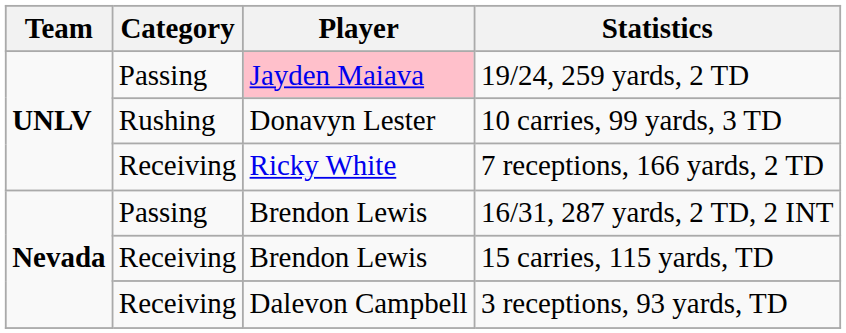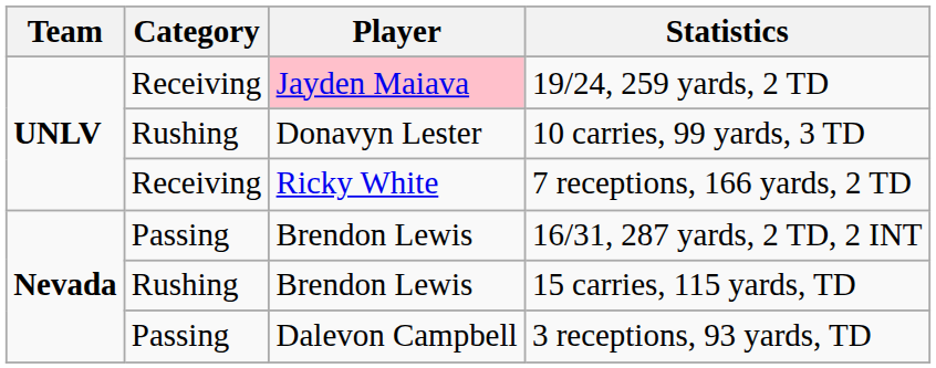 <table class="wikitable" style="float: right;">
 <tr>
 <th>Team</th>
 <th>Category</th>
 <th>Player</th>
 <th>Statistics</th>
 </tr>
 <tr>
 <td rowspan=3><strong>UNLV</strong></td>
-<td>Passing</td>
+<td>Receiving</td>
 <td style="background: pink;"><a href='#'>Jayden Maiava</a></td>
 <td>19/24, 259 yards, 2 TD</td>
 </tr>
 <tr>
 <td>Rushing</td>
 <td>Donavyn Lester</td>
 <td>10 carries, 99 yards, 3 TD</td>
 </tr>
 <tr>
 <td>Receiving</td>
 <td><a href='#'>Ricky White</a></td>
 <td>7 receptions, 166 yards, 2 TD</td>
 </tr>
 <tr>
 <td rowspan=3><strong>Nevada</strong></td>
 <td>Passing</td>
 <td>Brendon Lewis</td>
 <td>16/31, 287 yards, 2 TD, 2 INT</td>
 </tr>
 <tr>
-<td>Receiving</td>
+<td>Rushing</td>
 <td>Brendon Lewis</td>
 <td>15 carries, 115 yards, TD</td>
 </tr>
 <tr>
-<td>Receiving</td>
+<td>Passing</td>
 <td>Dalevon Campbell</td>
 <td>3 receptions, 93 yards, TD</td>
 </tr>
 </table>
